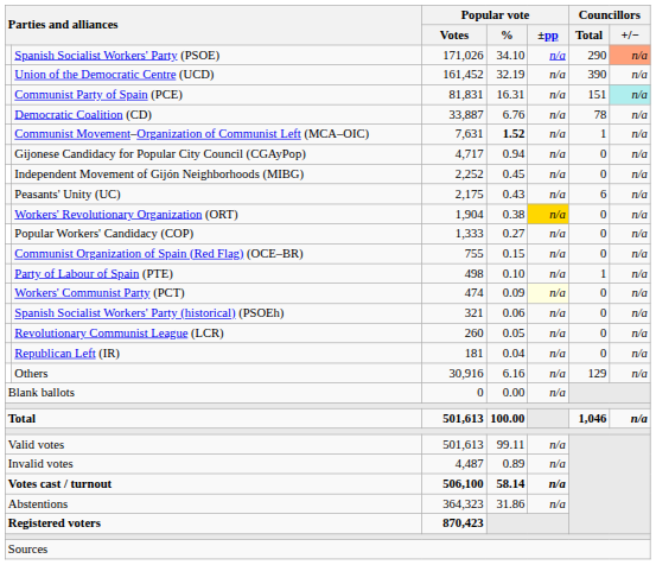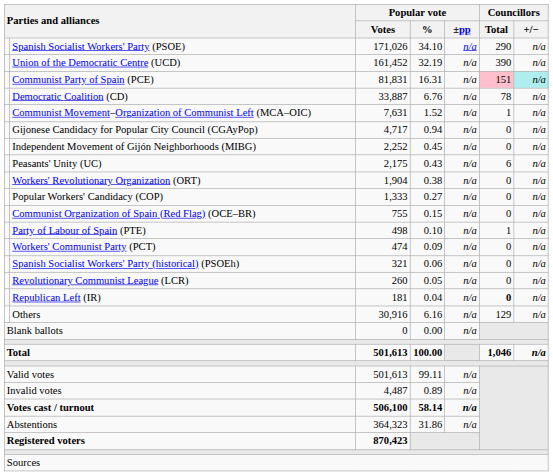 <table class="wikitable" style="text-align:right;">
 <tr>
 <th style="text-align:left;" rowspan="2" colspan="2" width="525">Parties and alliances</th>
 <th colspan="3">Popular vote</th>
 <th colspan="2">Councillors</th>
 </tr>
 <tr>
 <th width="75">Votes</th>
 <th width="45">%</th>
 <th width="45">±<a href='#'>pp</a></th>
 <th width="45">Total</th>
 <th width="45">+/−</th>
 </tr>
 <tr>
 <td width="1" style="color:inherit;background:"></td>
 <td align="left"><a href='#'>Spanish Socialist Workers' Party</a> (PSOE)</td>
 <td>171,026</td>
 <td>34.10</td>
 <td><em><a href='#'>n/a</a></em></td>
 <td>290</td>
-<td style="background: lightsalmon;"><em>n/a</em></td>
+<td><em>n/a</em></td>
 </tr>
 <tr>
 <td style="color:inherit;background:"></td>
 <td align="left"><a href='#'>Union of the Democratic Centre</a> (UCD)</td>
 <td>161,452</td>
 <td>32.19</td>
 <td><em>n/a</em></td>
 <td>390</td>
 <td><em>n/a</em></td>
 </tr>
 <tr>
 <td style="color:inherit;background:"></td>
 <td align="left"><a href='#'>Communist Party of Spain</a> (PCE)</td>
 <td>81,831</td>
 <td>16.31</td>
 <td><em>n/a</em></td>
-<td>151</td>
+<td style="background: pink;">151</td>
 <td style="background: paleturquoise;"><em>n/a</em></td>
 </tr>
 <tr>
 <td style="color:inherit;background:"></td>
 <td align="left"><a href='#'>Democratic Coalition</a> (CD)</td>
 <td>33,887</td>
 <td>6.76</td>
 <td><em>n/a</em></td>
 <td>78</td>
 <td><em>n/a</em></td>
 </tr>
 <tr>
 <td style="color:inherit;background:"></td>
 <td align="left"><a href='#'>Communist Movement</a>–<a href='#'>Organization of Communist Left</a> (MCA–OIC)</td>
 <td>7,631</td>
-<td><strong>1.52</strong></td>
+<td>1.52</td>
 <td><em>n/a</em></td>
 <td>1</td>
 <td><em>n/a</em></td>
 </tr>
 <tr>
 <td style="color:inherit;background:"></td>
 <td align="left">Gijonese Candidacy for Popular City Council (CGAyPop)</td>
 <td>4,717</td>
 <td>0.94</td>
 <td><em>n/a</em></td>
 <td>0</td>
 <td><em>n/a</em></td>
 </tr>
 <tr>
 <td bgcolor="white"></td>
 <td align="left">Independent Movement of Gijón Neighborhoods (MIBG)</td>
 <td>2,252</td>
 <td>0.45</td>
 <td><em>n/a</em></td>
 <td>0</td>
 <td><em>n/a</em></td>
 </tr>
 <tr>
 <td style="color:inherit;background:"></td>
 <td align="left">Peasants' Unity (UC)</td>
 <td>2,175</td>
 <td>0.43</td>
 <td><em>n/a</em></td>
 <td>6</td>
 <td><em>n/a</em></td>
 </tr>
 <tr>
 <td style="color:inherit;background:"></td>
 <td align="left"><a href='#'>Workers' Revolutionary Organization</a> (ORT)</td>
 <td>1,904</td>
 <td>0.38</td>
-<td style="background: gold;"><em>n/a</em></td>
+<td><em>n/a</em></td>
 <td>0</td>
 <td><em>n/a</em></td>
 </tr>
 <tr>
 <td bgcolor="white"></td>
 <td align="left">Popular Workers' Candidacy (COP)</td>
 <td>1,333</td>
 <td>0.27</td>
 <td><em>n/a</em></td>
 <td>0</td>
 <td><em>n/a</em></td>
 </tr>
 <tr>
 <td style="color:inherit;background:"></td>
 <td align="left"><a href='#'>Communist Organization of Spain (Red Flag)</a> (OCE–BR)</td>
 <td>755</td>
 <td>0.15</td>
 <td><em>n/a</em></td>
 <td>0</td>
 <td><em>n/a</em></td>
 </tr>
 <tr>
 <td style="color:inherit;background:"></td>
 <td align="left"><a href='#'>Party of Labour of Spain</a> (PTE)</td>
 <td>498</td>
 <td>0.10</td>
 <td><em>n/a</em></td>
 <td>1</td>
 <td><em>n/a</em></td>
 </tr>
 <tr>
 <td style="color:inherit;background:"></td>
 <td align="left"><a href='#'>Workers' Communist Party</a> (PCT)</td>
 <td>474</td>
 <td>0.09</td>
-<td style="background: lightyellow;"><em>n/a</em></td>
+<td><em>n/a</em></td>
 <td>0</td>
 <td><em>n/a</em></td>
 </tr>
 <tr>
 <td style="color:inherit;background:"></td>
 <td align="left"><a href='#'>Spanish Socialist Workers' Party (historical)</a> (PSOEh)</td>
 <td>321</td>
 <td>0.06</td>
 <td><em>n/a</em></td>
 <td>0</td>
 <td><em>n/a</em></td>
 </tr>
 <tr>
 <td style="color:inherit;background:"></td>
 <td align="left"><a href='#'>Revolutionary Communist League</a> (LCR)</td>
 <td>260</td>
 <td>0.05</td>
 <td><em>n/a</em></td>
 <td>0</td>
 <td><em>n/a</em></td>
 </tr>
 <tr>
 <td style="color:inherit;background:"></td>
 <td align="left"><a href='#'>Republican Left</a> (IR)</td>
 <td>181</td>
 <td>0.04</td>
 <td><em>n/a</em></td>
-<td>0</td>
+<td><strong>0</strong></td>
 <td><em>n/a</em></td>
 </tr>
 <tr>
 <td bgcolor="white"></td>
 <td align="left">Others</td>
 <td>30,916</td>
 <td>6.16</td>
 <td><em>n/a</em></td>
 <td>129</td>
 <td><em>n/a</em></td>
 </tr>
 <tr>
 <td align="left" colspan="2">Blank ballots</td>
 <td>0</td>
 <td>0.00</td>
 <td><em>n/a</em></td>
 <td bgcolor="#E9E9E9" colspan="2"></td>
 </tr>
 <tr>
 <td colspan="7" bgcolor="#E9E9E9"></td>
 </tr>
 <tr style="font-weight:bold;">
 <td align="left" colspan="2">Total</td>
 <td>501,613</td>
 <td>100.00</td>
 <td bgcolor="#E9E9E9"></td>
 <td>1,046</td>
 <td><em>n/a</em></td>
 </tr>
 <tr>
 <td colspan="7" bgcolor="#E9E9E9"></td>
 </tr>
 <tr>
 <td align="left" colspan="2">Valid votes</td>
 <td>501,613</td>
 <td>99.11</td>
 <td><em>n/a</em></td>
 <td bgcolor="#E9E9E9" colspan="2" rowspan="5"></td>
 </tr>
 <tr>
 <td align="left" colspan="2">Invalid votes</td>
 <td>4,487</td>
 <td>0.89</td>
 <td><em>n/a</em></td>
 </tr>
 <tr style="font-weight:bold;">
 <td align="left" colspan="2">Votes cast / turnout</td>
 <td>506,100</td>
 <td>58.14</td>
 <td><em>n/a</em></td>
 </tr>
 <tr>
 <td align="left" colspan="2">Abstentions</td>
 <td>364,323</td>
 <td>31.86</td>
 <td><em>n/a</em></td>
 </tr>
 <tr style="font-weight:bold;">
 <td align="left" colspan="2">Registered voters</td>
 <td>870,423</td>
 <td bgcolor="#E9E9E9" colspan="2"></td>
 </tr>
 <tr>
 <td colspan="7" bgcolor="#E9E9E9"></td>
 </tr>
 <tr>
 <td align="left" colspan="7">Sources</td>
 </tr>
 </table>
